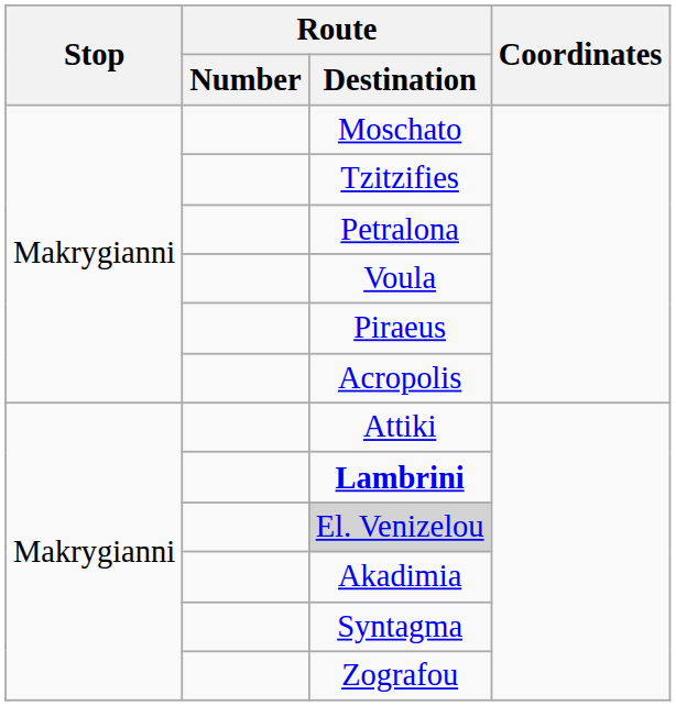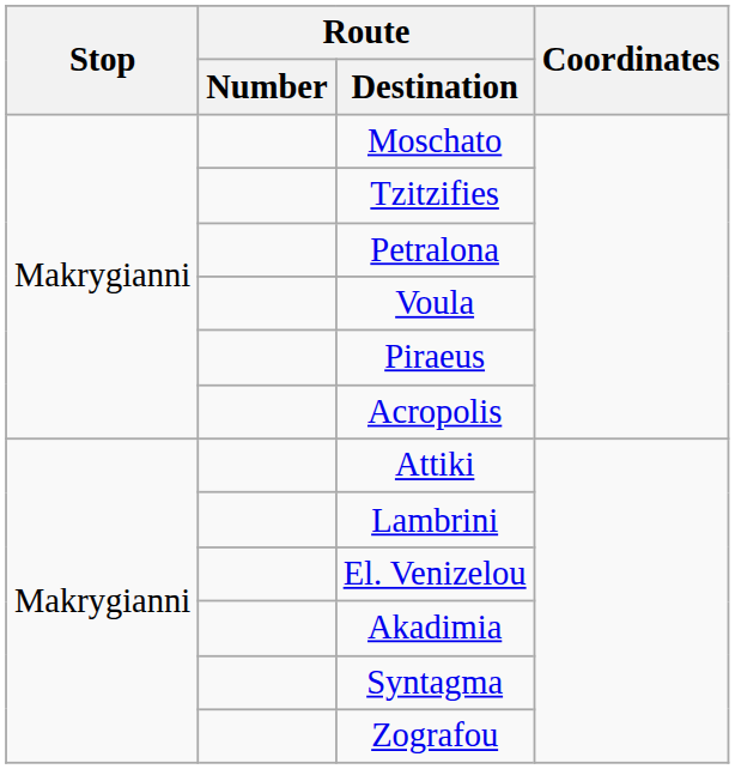 <table cellpadding="5" style="margin:0 auto; text-align:center;"  class="wikitable">
 <tr>
 <th rowspan="2">Stop</th>
 <th colspan="2">Route</th>
 <th rowspan="2">Coordinates</th>
 </tr>
 <tr>
 <th>Number</th>
 <th>Destination</th>
 </tr>
 <tr>
 <td rowspan="6">Makrygianni</td>
 <td></td>
 <td><a href='#'>Moschato</a></td>
 <td rowspan="6"></td>
 </tr>
 <tr>
 <td></td>
 <td><a href='#'>Tzitzifies</a></td>
 </tr>
 <tr>
 <td></td>
 <td><a href='#'>Petralona</a></td>
 </tr>
 <tr>
 <td></td>
 <td><a href='#'>Voula</a></td>
 </tr>
 <tr>
 <td></td>
 <td><a href='#'>Piraeus</a></td>
 </tr>
 <tr>
 <td></td>
 <td><a href='#'>Acropolis</a></td>
 </tr>
 <tr>
 <td rowspan="6">Makrygianni</td>
 <td></td>
 <td><a href='#'>Attiki</a></td>
 <td rowspan="6"></td>
 </tr>
 <tr>
 <td></td>
-<td><strong><a href='#'>Lambrini</a></strong></td>
+<td><a href='#'>Lambrini</a></td>
 </tr>
 <tr>
 <td></td>
-<td style="background: lightgrey;"><a href='#'>El. Venizelou</a></td>
+<td><a href='#'>El. Venizelou</a></td>
 </tr>
 <tr>
 <td></td>
 <td><a href='#'>Akadimia</a></td>
 </tr>
 <tr>
 <td></td>
 <td><a href='#'>Syntagma</a></td>
 </tr>
 <tr>
 <td></td>
 <td><a href='#'>Zografou</a></td>
 </tr>
 </table>
